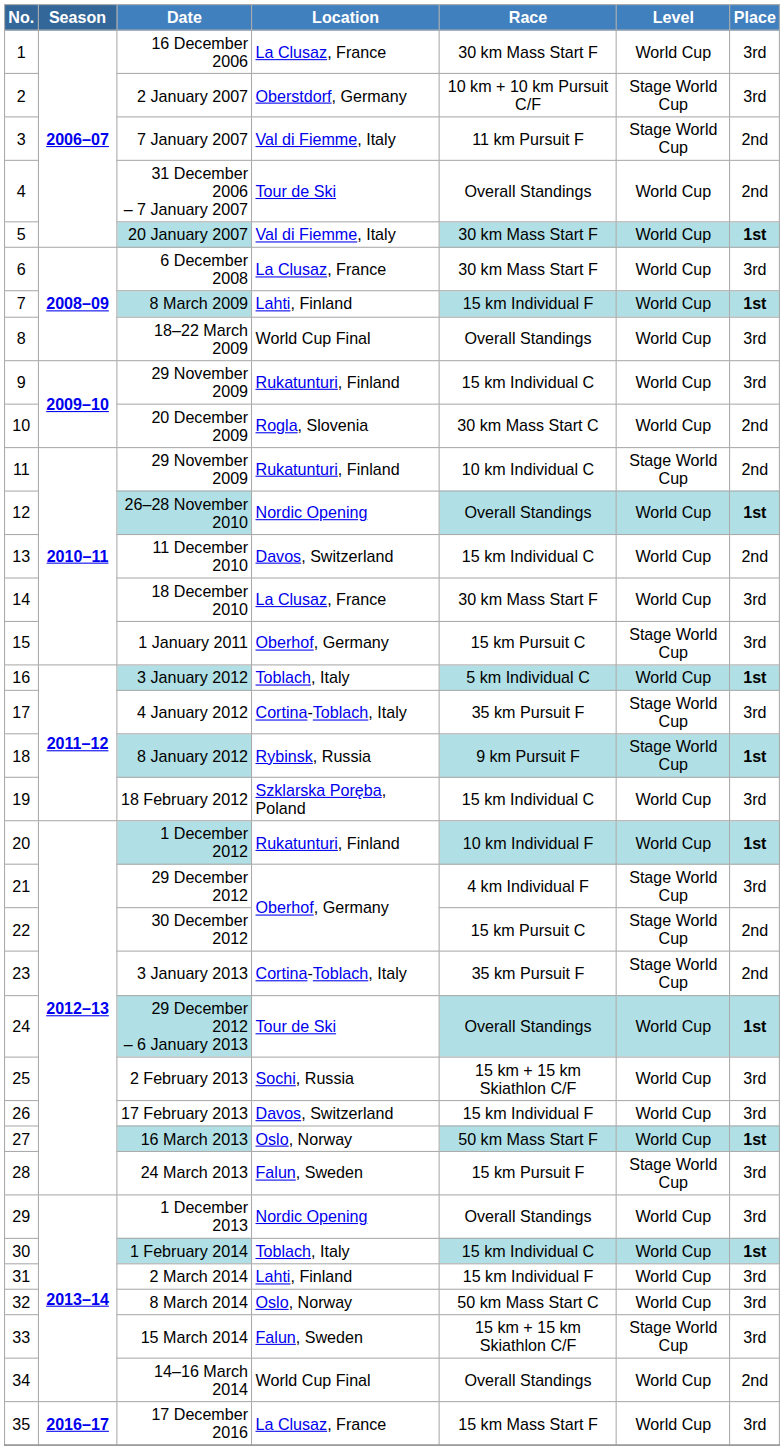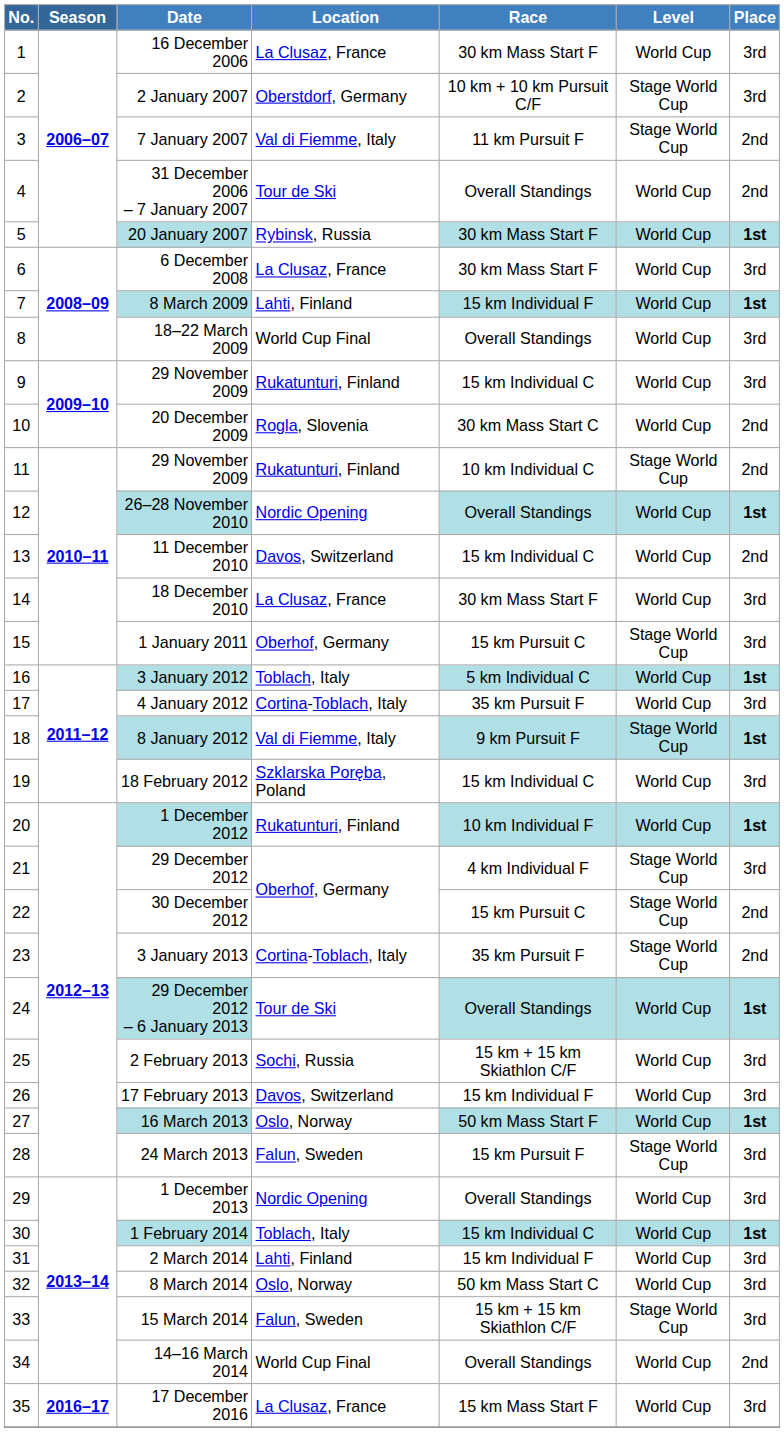 <table class="wikitable sortable" style="font-size:95%; text-align:center; border:grey solid 1px; border-collapse:collapse; background:#ffffff;">
 <tr style="background:#efefef;">
 <th style="background-color:#369; color:white;">No.</th>
 <th style="background-color:#369; color:white;">Season</th>
 <th style="background-color:#4180be; color:white; width:120px;">Date</th>
 <th style="background-color:#4180be; color:white; width:170px;">Location</th>
 <th style="background-color:#4180be; color:white; width:160px;">Race</th>
 <th style="background-color:#4180be; color:white; width:100px;">Level</th>
 <th style="background-color:#4180be; color:white;">Place</th>
 </tr>
 <tr>
 <td align=center>1</td>
 <td rowspan=5 align=center><strong> <a href='#'>2006–07</a> </strong></td>
 <td align=right>16 December 2006</td>
 <td align=left> <a href='#'>La Clusaz</a>, France</td>
 <td>30 km Mass Start F</td>
 <td>World Cup</td>
 <td>3rd</td>
 </tr>
 <tr>
 <td align=center>2</td>
 <td align=right>2 January 2007</td>
 <td align=left> <a href='#'>Oberstdorf</a>, Germany</td>
 <td>10 km + 10 km Pursuit C/F</td>
 <td>Stage World Cup</td>
 <td>3rd</td>
 </tr>
 <tr>
 <td align=center>3</td>
 <td align=right>7 January 2007</td>
 <td align=left> <a href='#'>Val di Fiemme</a>, Italy</td>
 <td>11 km Pursuit F</td>
 <td>Stage World Cup</td>
 <td>2nd</td>
 </tr>
 <tr>
 <td align=center>4</td>
 <td align=right>31 December 2006<br> – 7 January 2007</td>
 <td align=left> <a href='#'>Tour de Ski</a></td>
 <td>Overall Standings</td>
 <td>World Cup</td>
 <td>2nd</td>
 </tr>
 <tr>
 <td align=center>5</td>
 <td bgcolor="#BOEOE6" align=right>20 January 2007</td>
-<td align=left> <a href='#'>Val di Fiemme</a>, Italy</td>
+<td align=left> <a href='#'>Rybinsk</a>, Russia</td>
 <td bgcolor="#BOEOE6">30 km Mass Start F</td>
 <td bgcolor="#BOEOE6">World Cup</td>
 <td bgcolor="#BOEOE6"><strong>1st</strong></td>
 </tr>
 <tr>
 <td align=center>6</td>
 <td rowspan=3 align=center><strong> <a href='#'>2008–09</a> </strong></td>
 <td align=right>6 December 2008</td>
 <td align=left> <a href='#'>La Clusaz</a>, France</td>
 <td>30 km Mass Start F</td>
 <td>World Cup</td>
 <td>3rd</td>
 </tr>
 <tr>
 <td align=center>7</td>
 <td bgcolor="#BOEOE6" align=right>8 March 2009</td>
 <td align=left> <a href='#'>Lahti</a>, Finland</td>
 <td bgcolor="#BOEOE6">15 km Individual F</td>
 <td bgcolor="#BOEOE6">World Cup</td>
 <td bgcolor="#BOEOE6"><strong>1st</strong></td>
 </tr>
 <tr>
 <td align=center>8</td>
 <td align=right>18–22 March 2009</td>
 <td align=left> World Cup Final</td>
 <td>Overall Standings</td>
 <td>World Cup</td>
 <td>3rd</td>
 </tr>
 <tr>
 <td align=center>9</td>
 <td rowspan=2 align=center><strong> <a href='#'>2009–10</a> </strong></td>
 <td align=right>29 November 2009</td>
 <td align=left> <a href='#'>Rukatunturi</a>, Finland</td>
 <td>15 km Individual C</td>
 <td>World Cup</td>
 <td>3rd</td>
 </tr>
 <tr>
 <td align=center>10</td>
 <td align=right>20 December 2009</td>
 <td align=left> <a href='#'>Rogla</a>, Slovenia</td>
 <td>30 km Mass Start C</td>
 <td>World Cup</td>
 <td>2nd</td>
 </tr>
 <tr>
 <td align=center>11</td>
 <td rowspan=5 align=center><strong> <a href='#'>2010–11</a> </strong></td>
 <td align=right>29 November 2009</td>
 <td align=left> <a href='#'>Rukatunturi</a>, Finland</td>
 <td>10 km Individual C</td>
 <td>Stage World Cup</td>
 <td>2nd</td>
 </tr>
 <tr>
 <td align=center>12</td>
 <td bgcolor="#BOEOE6" align=right>26–28 November 2010</td>
 <td align=left> <a href='#'>Nordic Opening</a></td>
 <td bgcolor="#BOEOE6">Overall Standings</td>
 <td bgcolor="#BOEOE6">World Cup</td>
 <td bgcolor="#BOEOE6"><strong>1st</strong></td>
 </tr>
 <tr>
 <td align=center>13</td>
 <td align=right>11 December 2010</td>
 <td align=left> <a href='#'>Davos</a>, Switzerland</td>
 <td>15 km Individual C</td>
 <td>World Cup</td>
 <td>2nd</td>
 </tr>
 <tr>
 <td align=center>14</td>
 <td align=right>18 December 2010</td>
 <td align=left> <a href='#'>La Clusaz</a>, France</td>
 <td>30 km Mass Start F</td>
 <td>World Cup</td>
 <td>3rd</td>
 </tr>
 <tr>
 <td align=center>15</td>
 <td align=right>1 January 2011</td>
 <td align=left> <a href='#'>Oberhof</a>, Germany</td>
 <td>15 km  Pursuit C</td>
 <td>Stage World Cup</td>
 <td>3rd</td>
 </tr>
 <tr>
 <td align=center>16</td>
 <td rowspan=4 align=center><strong><a href='#'>2011–12</a></strong></td>
 <td bgcolor="#BOEOE6" align=right>3 January 2012</td>
 <td align=left> <a href='#'>Toblach</a>, Italy</td>
 <td bgcolor="#BOEOE6">5 km Individual C</td>
 <td bgcolor="#BOEOE6">World Cup</td>
 <td bgcolor="#BOEOE6"><strong>1st</strong></td>
 </tr>
 <tr>
 <td align=center>17</td>
 <td align=right>4 January 2012</td>
 <td align=left> <a href='#'>Cortina</a>-<a href='#'>Toblach</a>, Italy</td>
 <td>35 km Pursuit F</td>
-<td>Stage World Cup</td>
+<td>World Cup</td>
 <td>3rd</td>
 </tr>
 <tr>
 <td align=center>18</td>
 <td bgcolor="#BOEOE6" align=right>8 January 2012</td>
-<td align=left> <a href='#'>Rybinsk</a>, Russia</td>
+<td align=left> <a href='#'>Val di Fiemme</a>, Italy</td>
 <td bgcolor="#BOEOE6">9 km Pursuit F</td>
 <td bgcolor="#BOEOE6">Stage World Cup</td>
 <td bgcolor="#BOEOE6"><strong>1st</strong></td>
 </tr>
 <tr>
 <td align=center>19</td>
 <td align=right>18 February 2012</td>
 <td align=left> <a href='#'>Szklarska Poręba</a>, Poland</td>
 <td>15 km Individual C</td>
 <td>World Cup</td>
 <td>3rd</td>
 </tr>
 <tr>
 <td align=center>20</td>
 <td rowspan=9 align=center><strong><a href='#'>2012–13</a></strong></td>
 <td bgcolor="#BOEOE6" align=right>1 December 2012</td>
 <td align=left> <a href='#'>Rukatunturi</a>, Finland</td>
 <td bgcolor="#BOEOE6">10 km Individual F</td>
 <td bgcolor="#BOEOE6">World Cup</td>
 <td bgcolor="#BOEOE6"><strong>1st</strong></td>
 </tr>
 <tr>
 <td align=center>21</td>
 <td align=right>29 December 2012</td>
 <td rowspan=2 align=left> <a href='#'>Oberhof</a>, Germany</td>
 <td>4 km Individual F</td>
 <td>Stage World Cup</td>
 <td>3rd</td>
 </tr>
 <tr>
 <td align=center>22</td>
 <td align=right>30 December 2012</td>
 <td>15 km Pursuit C</td>
 <td>Stage World Cup</td>
 <td>2nd</td>
 </tr>
 <tr>
 <td align=center>23</td>
 <td align=right>3 January 2013</td>
 <td align=left> <a href='#'>Cortina</a>-<a href='#'>Toblach</a>, Italy</td>
 <td>35 km Pursuit F</td>
 <td>Stage World Cup</td>
 <td>2nd</td>
 </tr>
 <tr>
 <td align=center>24</td>
 <td bgcolor="#BOEOE6" align=right>29 December 2012<br> – 6 January 2013</td>
 <td align=left> <a href='#'>Tour de Ski</a></td>
 <td bgcolor="#BOEOE6">Overall Standings</td>
 <td bgcolor="#BOEOE6">World Cup</td>
 <td bgcolor="#BOEOE6"><strong>1st</strong></td>
 </tr>
 <tr>
 <td align=center>25</td>
 <td align=right>2 February 2013</td>
 <td align=left> <a href='#'>Sochi</a>, Russia</td>
 <td>15 km + 15 km Skiathlon C/F</td>
 <td>World Cup</td>
 <td>3rd</td>
 </tr>
 <tr>
 <td align=center>26</td>
 <td align=right>17 February 2013</td>
 <td align=left> <a href='#'>Davos</a>, Switzerland</td>
 <td>15 km Individual F</td>
 <td>World Cup</td>
 <td>3rd</td>
 </tr>
 <tr>
 <td align=center>27</td>
 <td bgcolor="#BOEOE6" align=right>16 March 2013</td>
 <td align=left> <a href='#'>Oslo</a>, Norway</td>
 <td bgcolor="#BOEOE6">50 km Mass Start F</td>
 <td bgcolor="#BOEOE6">World Cup</td>
 <td bgcolor="#BOEOE6"><strong>1st</strong></td>
 </tr>
 <tr>
 <td align=center>28</td>
 <td align=right>24 March 2013</td>
 <td align=left> <a href='#'>Falun</a>, Sweden</td>
 <td>15 km Pursuit F</td>
 <td>Stage World Cup</td>
 <td>3rd</td>
 </tr>
 <tr>
 <td align=center>29</td>
 <td rowspan=6 align=center><strong> <a href='#'>2013–14</a> </strong></td>
 <td align=right>1 December 2013</td>
 <td align=left> <a href='#'>Nordic Opening</a></td>
 <td>Overall Standings</td>
 <td>World Cup</td>
 <td>3rd</td>
 </tr>
 <tr>
 <td align=center>30</td>
 <td bgcolor="#BOEOE6" align=right>1 February 2014</td>
 <td align=left> <a href='#'>Toblach</a>, Italy</td>
 <td bgcolor="#BOEOE6">15 km Individual C</td>
 <td bgcolor="#BOEOE6">World Cup</td>
 <td bgcolor="#BOEOE6"><strong>1st</strong></td>
 </tr>
 <tr>
 <td align=center>31</td>
 <td align=right>2 March 2014</td>
 <td align=left> <a href='#'>Lahti</a>, Finland</td>
 <td>15 km Individual F</td>
 <td>World Cup</td>
 <td>3rd</td>
 </tr>
 <tr>
 <td align=center>32</td>
 <td align=right>8 March 2014</td>
 <td align=left> <a href='#'>Oslo</a>, Norway</td>
 <td>50 km Mass Start C</td>
 <td>World Cup</td>
 <td>3rd</td>
 </tr>
 <tr>
 <td align=center>33</td>
 <td align=right>15 March 2014</td>
 <td align=left> <a href='#'>Falun</a>, Sweden</td>
 <td>15 km + 15 km Skiathlon C/F</td>
 <td>Stage World Cup</td>
 <td>3rd</td>
 </tr>
 <tr>
 <td align=center>34</td>
 <td align=right>14–16 March 2014</td>
 <td align=left> World Cup Final</td>
 <td>Overall Standings</td>
 <td>World Cup</td>
 <td>2nd</td>
 </tr>
 <tr>
 <td align=center>35</td>
 <td rowspan=1 align=center><strong> <a href='#'>2016–17</a> </strong></td>
 <td align=right>17 December 2016</td>
 <td align=left> <a href='#'>La Clusaz</a>, France</td>
 <td>15 km Mass Start F</td>
 <td>World Cup</td>
 <td>3rd</td>
 </tr>
 <tr>
 </tr>
 </table>
